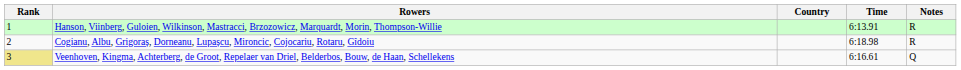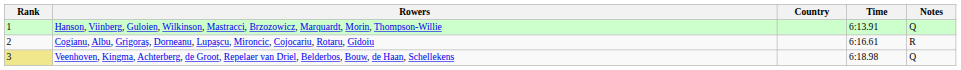 <table class="wikitable sortable" width=80%>
 <tr>
 <th>Rank</th>
 <th>Rowers</th>
 <th>Country</th>
 <th>Time</th>
 <th>Notes</th>
 </tr>
 <tr bgcolor=ccffcc>
 <td>1</td>
 <td><a href='#'>Hanson</a>, <a href='#'>Viinberg</a>, <a href='#'>Guloien</a>, <a href='#'>Wilkinson</a>, <a href='#'>Mastracci</a>, <a href='#'>Brzozowicz</a>, <a href='#'>Marquardt</a>, <a href='#'>Morin</a>, <a href='#'>Thompson-Willie</a></td>
 <td></td>
 <td>6:13.91</td>
-<td>R</td>
+<td>Q</td>
 </tr>
 <tr>
 <td>2</td>
 <td><a href='#'>Cogianu</a>, <a href='#'>Albu</a>, <a href='#'>Grigoraș</a>, <a href='#'>Dorneanu</a>, <a href='#'>Lupașcu</a>, <a href='#'>Mironcic</a>, <a href='#'>Cojocariu</a>, <a href='#'>Rotaru</a>, <a href='#'>Gîdoiu</a></td>
 <td></td>
-<td>6:18.98</td>
+<td>6:16.61</td>
 <td>R</td>
 </tr>
 <tr>
 <td style="background: khaki;">3</td>
 <td><a href='#'>Veenhoven</a>, <a href='#'>Kingma</a>, <a href='#'>Achterberg</a>, <a href='#'>de Groot</a>, <a href='#'>Repelaer van Driel</a>, <a href='#'>Belderbos</a>, <a href='#'>Bouw</a>, <a href='#'>de Haan</a>, <a href='#'>Schellekens</a></td>
 <td></td>
-<td>6:16.61</td>
+<td>6:18.98</td>
 <td>Q</td>
 </tr>
 </table>
